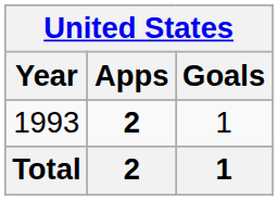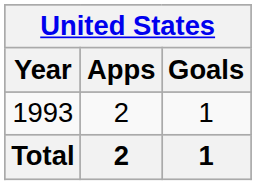 <table class="wikitable" style="text-align:center">
 <tr>
 <th colspan=3><a href='#'>United States</a></th>
 </tr>
 <tr>
 <th>Year</th>
 <th>Apps</th>
 <th>Goals</th>
 </tr>
 <tr>
 <td>1993</td>
-<td><strong>2</strong></td>
+<td>2</td>
 <td>1</td>
 </tr>
 <tr>
 <th>Total</th>
 <th>2</th>
 <th>1</th>
 </tr>
 </table>
